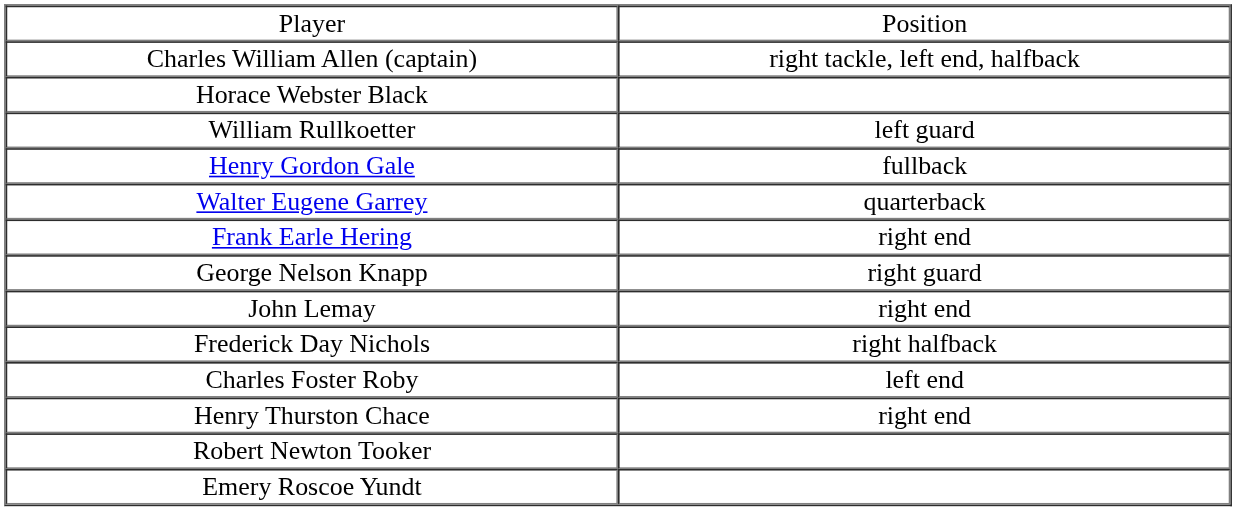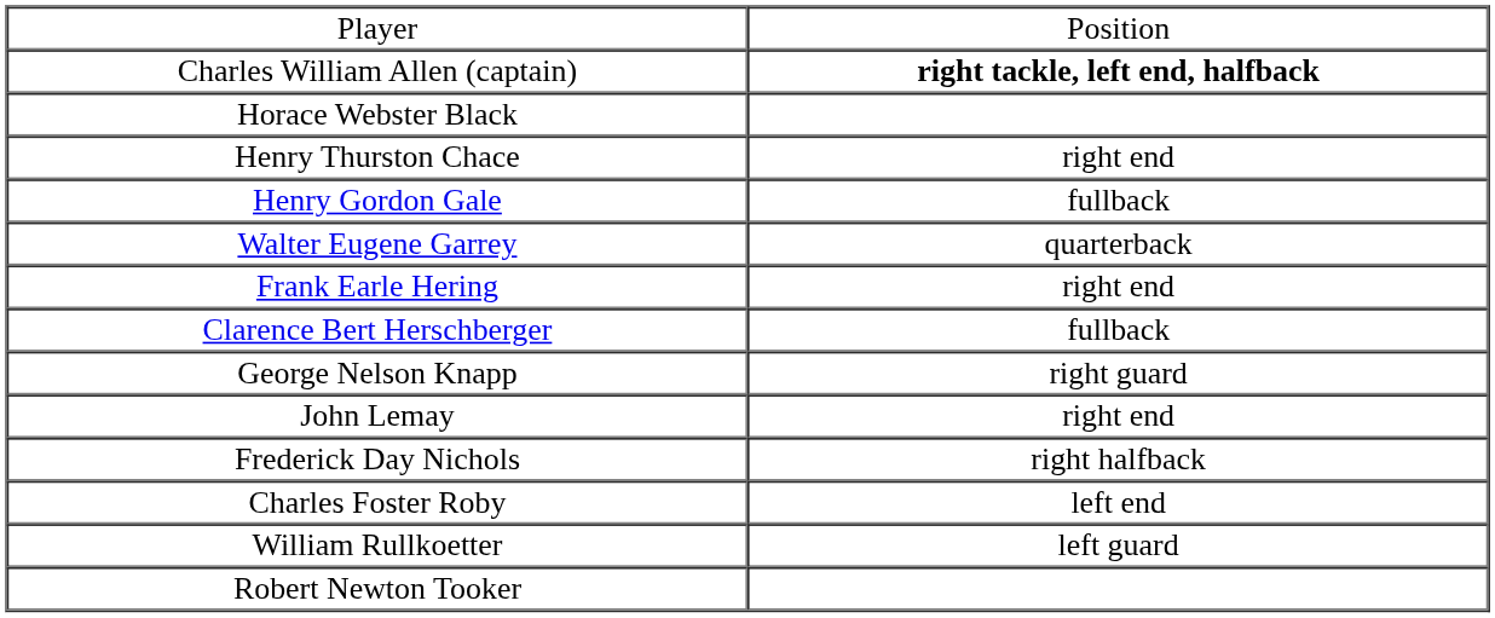 <table cellpadding="1" border="1" cellspacing="0" width="60%" style="text-align:center;">
 <tr>
 <td>Player</td>
 <td>Position</td>
 </tr>
 <tr align="center" bgcolor="">
 <td>Charles William Allen (captain)</td>
-<td>right tackle, left end, halfback</td>
+<td><strong>right tackle, left end, halfback</strong></td>
 </tr>
 <tr align="center" bgcolor="">
 <td>Horace Webster Black</td>
 <td></td>
 </tr>
 <tr align="center" bgcolor="">
-<td>William Rullkoetter</td>
-<td>left guard</td>
+<td width="250">Henry Thurston Chace</td>
+<td width="250">right end</td>
 </tr>
 <tr align="center" bgcolor="">
 <td><a href='#'>Henry Gordon Gale</a></td>
 <td>fullback</td>
 </tr>
 <tr align="center" bgcolor="">
 <td><a href='#'>Walter Eugene Garrey</a></td>
 <td>quarterback</td>
 </tr>
 <tr align="center" bgcolor="">
 <td><a href='#'>Frank Earle Hering</a></td>
 <td>right end</td>
+</tr>
+<tr align="center" bgcolor="">
+<td><a href='#'>Clarence Bert Herschberger</a></td>
+<td>fullback</td>
 </tr>
 <tr align="center" bgcolor="">
 <td>George Nelson Knapp</td>
 <td>right guard</td>
 </tr>
 <tr align="center" bgcolor="">
 <td>John Lemay</td>
 <td>right end</td>
 </tr>
 <tr align="center" bgcolor="">
 <td>Frederick Day Nichols</td>
 <td>right halfback</td>
 </tr>
 <tr align="center" bgcolor="">
 <td>Charles Foster Roby</td>
 <td>left end</td>
 </tr>
 <tr align="center" bgcolor="">
-<td width="250">Henry Thurston Chace</td>
-<td width="250">right end</td>
+<td>William Rullkoetter</td>
+<td>left guard</td>
 </tr>
 <tr align="center" bgcolor="">
 <td>Robert Newton Tooker</td>
 <td></td>
 </tr>
 <tr align="center" bgcolor="">
-<td>Emery Roscoe Yundt</td>
-<td></td>
-</tr>
-<tr align="center" bgcolor="">
 </tr>
 </table>
